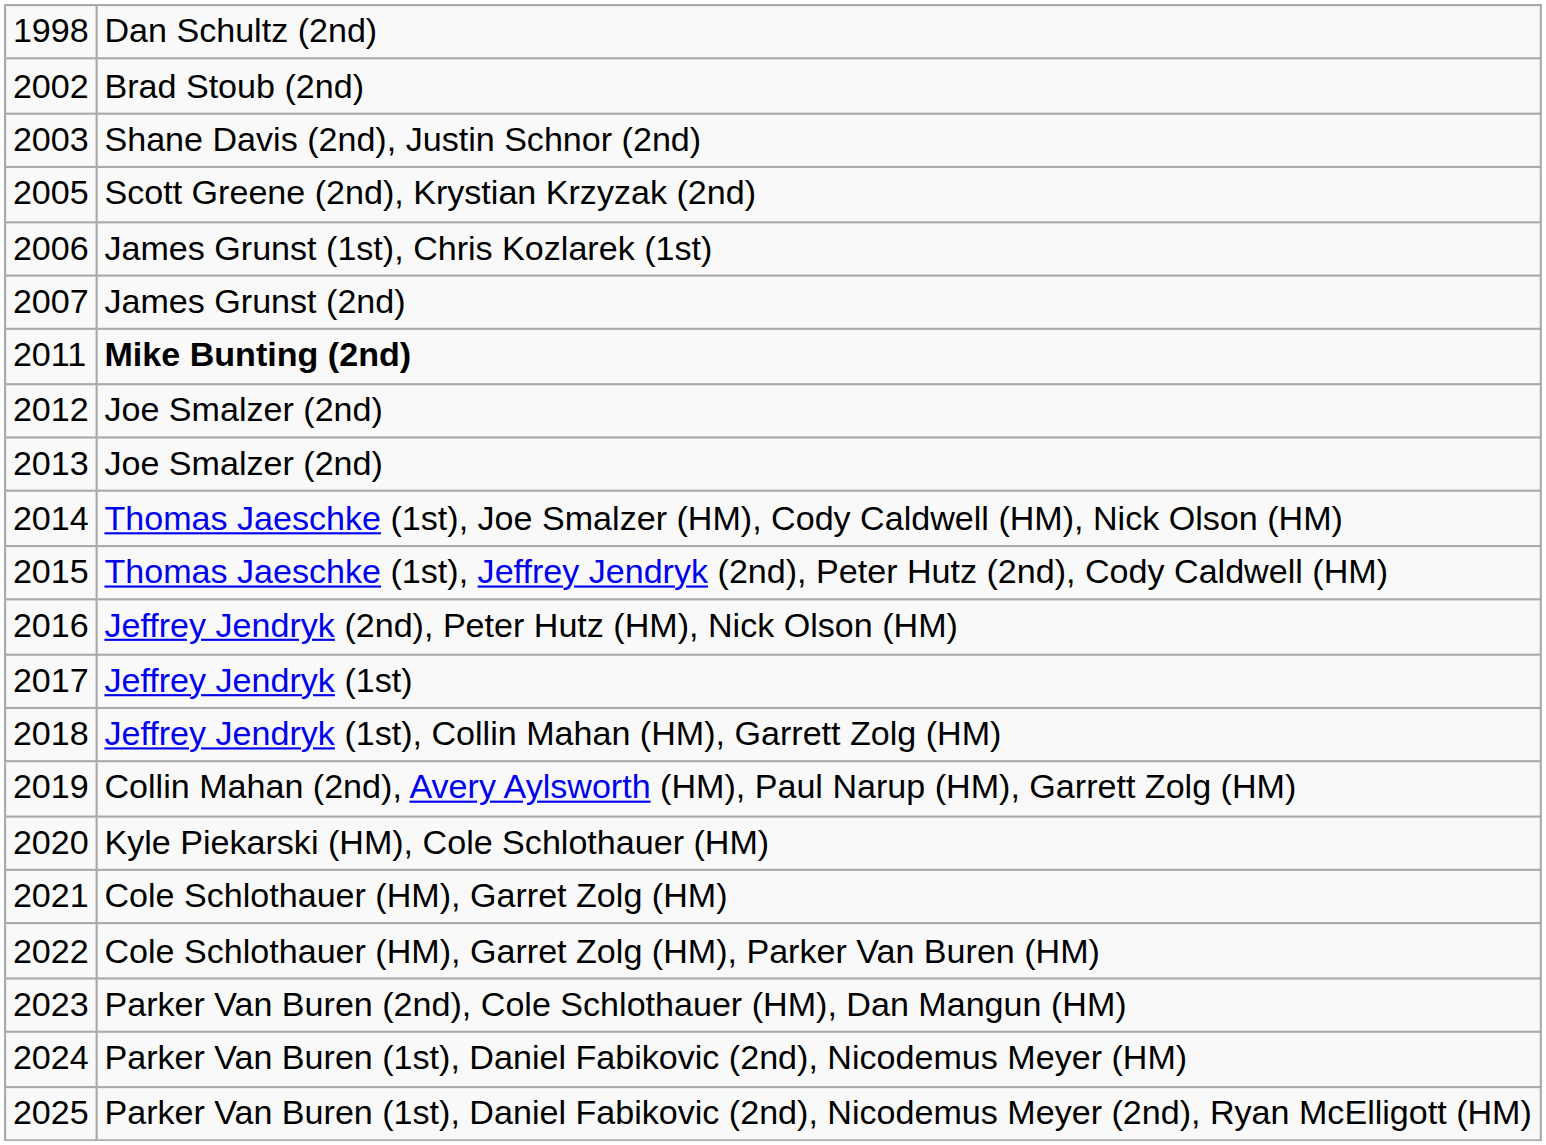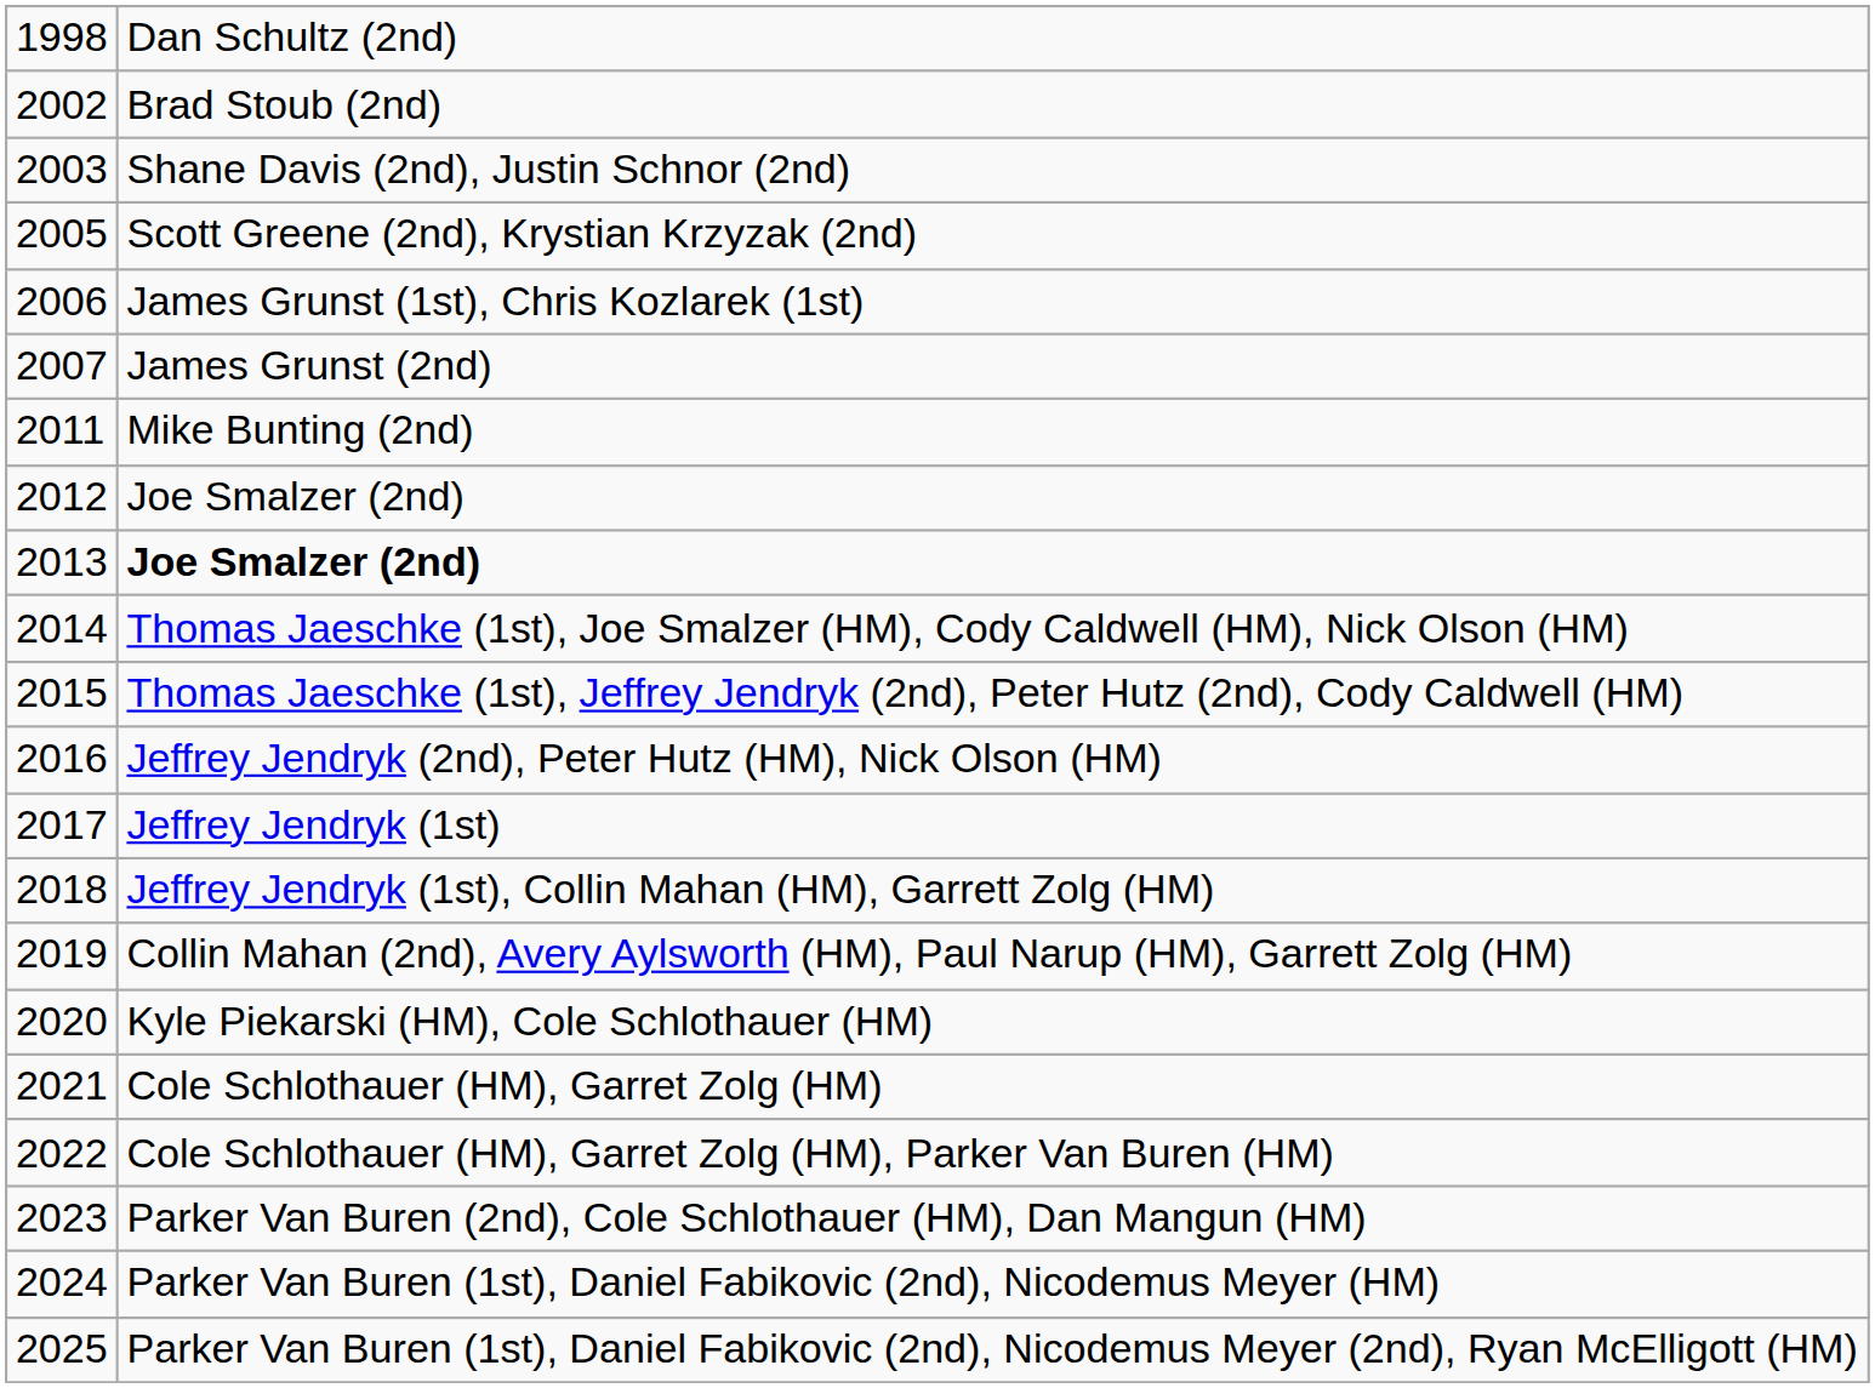 <table class="wikitable">
 <tr>
 <td>1998</td>
 <td>Dan Schultz (2nd)</td>
 </tr>
 <tr>
 <td>2002</td>
 <td>Brad Stoub (2nd)</td>
 </tr>
 <tr>
 <td>2003</td>
 <td>Shane Davis (2nd), Justin Schnor (2nd)</td>
 </tr>
 <tr>
 <td>2005</td>
 <td>Scott Greene (2nd), Krystian Krzyzak (2nd)</td>
 </tr>
 <tr>
 <td>2006</td>
 <td>James Grunst (1st), Chris Kozlarek (1st)</td>
 </tr>
 <tr>
 <td>2007</td>
 <td>James Grunst (2nd)</td>
 </tr>
 <tr>
 <td>2011</td>
-<td><strong>Mike Bunting (2nd)</strong></td>
+<td>Mike Bunting (2nd)</td>
 </tr>
 <tr>
 <td>2012</td>
 <td>Joe Smalzer (2nd)</td>
 </tr>
 <tr>
 <td>2013</td>
-<td>Joe Smalzer (2nd)</td>
+<td><strong>Joe Smalzer (2nd)</strong></td>
 </tr>
 <tr>
 <td>2014</td>
 <td><a href='#'>Thomas Jaeschke</a> (1st), Joe Smalzer (HM), Cody Caldwell (HM), Nick Olson (HM)</td>
 </tr>
 <tr>
 <td>2015</td>
 <td><a href='#'>Thomas Jaeschke</a> (1st), <a href='#'>Jeffrey Jendryk</a> (2nd), Peter Hutz (2nd), Cody Caldwell (HM)</td>
 </tr>
 <tr>
 <td>2016</td>
 <td><a href='#'>Jeffrey Jendryk</a> (2nd), Peter Hutz (HM), Nick Olson (HM)</td>
 </tr>
 <tr>
 <td>2017</td>
 <td><a href='#'>Jeffrey Jendryk</a> (1st)</td>
 </tr>
 <tr>
 <td>2018</td>
 <td><a href='#'>Jeffrey Jendryk</a> (1st), Collin Mahan (HM), Garrett Zolg (HM)</td>
 </tr>
 <tr>
 <td>2019</td>
 <td>Collin Mahan (2nd), <a href='#'>Avery Aylsworth</a> (HM), Paul Narup (HM), Garrett Zolg (HM)</td>
 </tr>
 <tr>
 <td>2020</td>
 <td>Kyle Piekarski (HM), Cole Schlothauer (HM)</td>
 </tr>
 <tr>
 <td>2021</td>
 <td>Cole Schlothauer (HM), Garret Zolg (HM)</td>
 </tr>
 <tr>
 <td>2022</td>
 <td>Cole Schlothauer (HM), Garret Zolg (HM), Parker Van Buren (HM)</td>
 </tr>
 <tr>
 <td>2023</td>
 <td>Parker Van Buren (2nd), Cole Schlothauer (HM), Dan Mangun (HM)</td>
 </tr>
 <tr>
 <td>2024</td>
 <td>Parker Van Buren (1st), Daniel Fabikovic (2nd), Nicodemus Meyer (HM)</td>
 </tr>
 <tr>
 <td>2025</td>
 <td>Parker Van Buren (1st), Daniel Fabikovic (2nd), Nicodemus Meyer (2nd), Ryan McElligott (HM)</td>
 </tr>
 </table>
